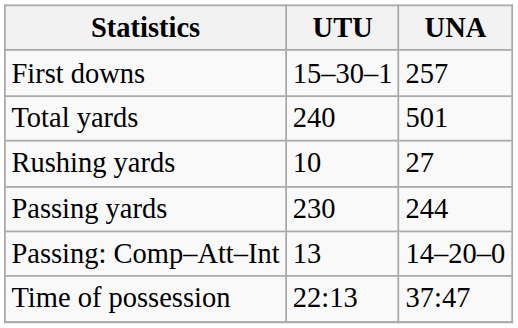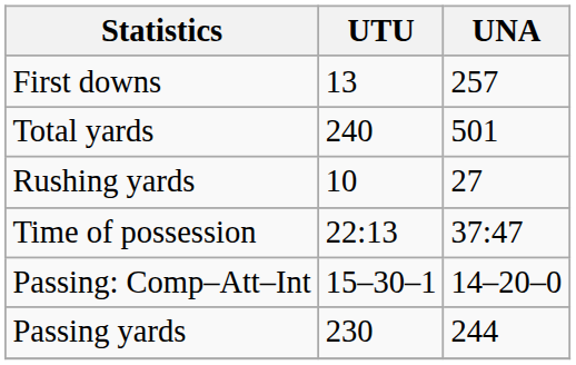 <table class="wikitable" style="float: left;">
 <tr>
 <th>Statistics</th>
 <th>UTU</th>
 <th>UNA</th>
 </tr>
 <tr>
 <td>First downs</td>
-<td>15–30–1</td>
+<td>13</td>
 <td>257</td>
 </tr>
 <tr>
 <td>Total yards</td>
 <td>240</td>
 <td>501</td>
 </tr>
 <tr>
 <td>Rushing yards</td>
 <td>10</td>
 <td>27</td>
 </tr>
 <tr>
+<td>Time of possession</td>
+<td>22:13</td>
+<td>37:47</td>
+</tr>
+<tr>
+<td>Passing: Comp–Att–Int</td>
+<td>15–30–1</td>
+<td>14–20–0</td>
+</tr>
+<tr>
 <td>Passing yards</td>
 <td>230</td>
 <td>244</td>
 </tr>
 <tr>
-<td>Passing: Comp–Att–Int</td>
-<td>13</td>
-<td>14–20–0</td>
-</tr>
-<tr>
-<td>Time of possession</td>
-<td>22:13</td>
-<td>37:47</td>
-</tr>
-<tr>
 </tr>
 </table>
